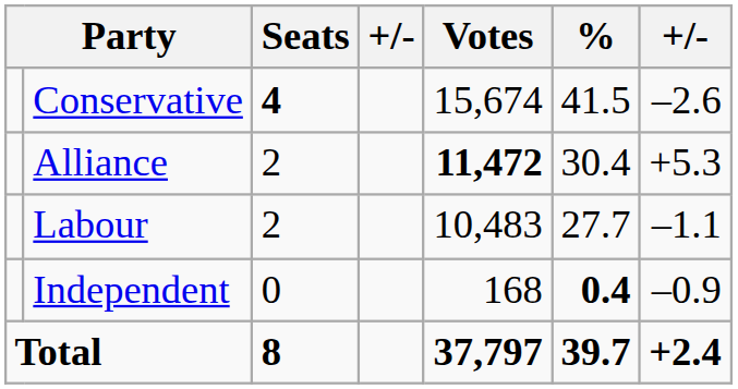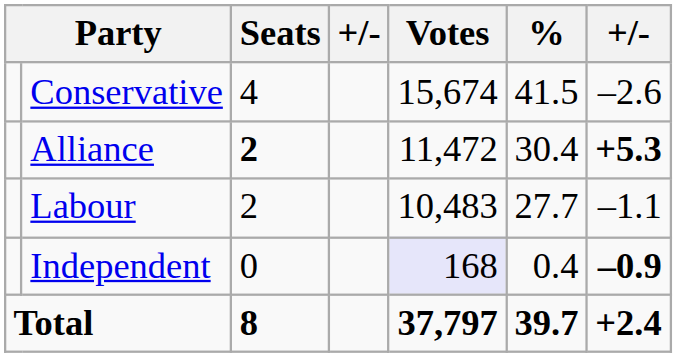 <table class="wikitable sortable">
 <tr>
 <th colspan="2">Party</th>
 <th>Seats</th>
 <th>+/-</th>
 <th>Votes</th>
 <th>%</th>
 <th>+/-</th>
 </tr>
 <tr>
 <td style="background-color: "></td>
 <td><a href='#'>Conservative</a></td>
-<td><strong>4</strong></td>
+<td>4</td>
 <td></td>
 <td style="text-align:right;">15,674</td>
 <td style="text-align:right;">41.5</td>
 <td style="text-align:right;">–2.6</td>
 </tr>
 <tr>
 <td style="background-color: "></td>
 <td><a href='#'>Alliance</a></td>
-<td>2</td>
+<td><strong>2</strong></td>
 <td></td>
-<td style="text-align:right;"><strong>11,472</strong></td>
+<td style="text-align:right;">11,472</td>
 <td style="text-align:right;">30.4</td>
-<td style="text-align:right;">+5.3</td>
+<td style="text-align:right;"><strong>+5.3</strong></td>
 </tr>
 <tr>
 <td style="background-color: "></td>
 <td><a href='#'>Labour</a></td>
 <td>2</td>
 <td></td>
 <td style="text-align:right;">10,483</td>
 <td style="text-align:right;">27.7</td>
 <td style="text-align:right;">–1.1</td>
 </tr>
 <tr>
 <td style="background-color: "></td>
 <td><a href='#'>Independent</a></td>
 <td>0</td>
 <td></td>
-<td style="text-align:right;">168</td>
-<td style="text-align:right;"><strong>0.4</strong></td>
-<td style="text-align:right;">–0.9</td>
+<td style="background: lavender; text-align:right;">168</td>
+<td style="text-align:right;">0.4</td>
+<td style="text-align:right;"><strong>–0.9</strong></td>
 </tr>
 <tr>
 <td colspan="2"><strong>Total</strong></td>
 <td><strong>8</strong></td>
 <td></td>
 <td style="text-align:right;"><strong>37,797</strong></td>
 <td style="text-align:right;"><strong>39.7</strong></td>
 <td style="text-align:right;"><strong>+2.4</strong></td>
 </tr>
 </table>
